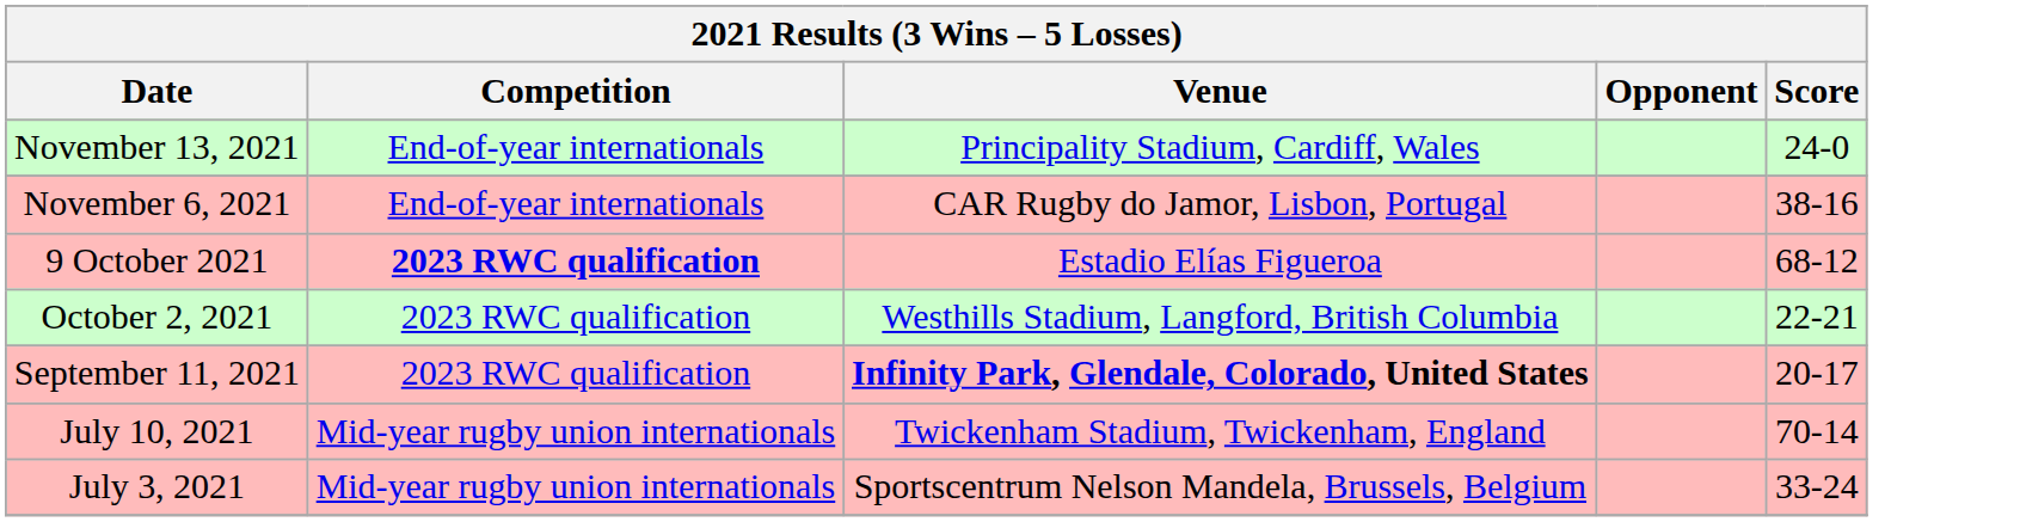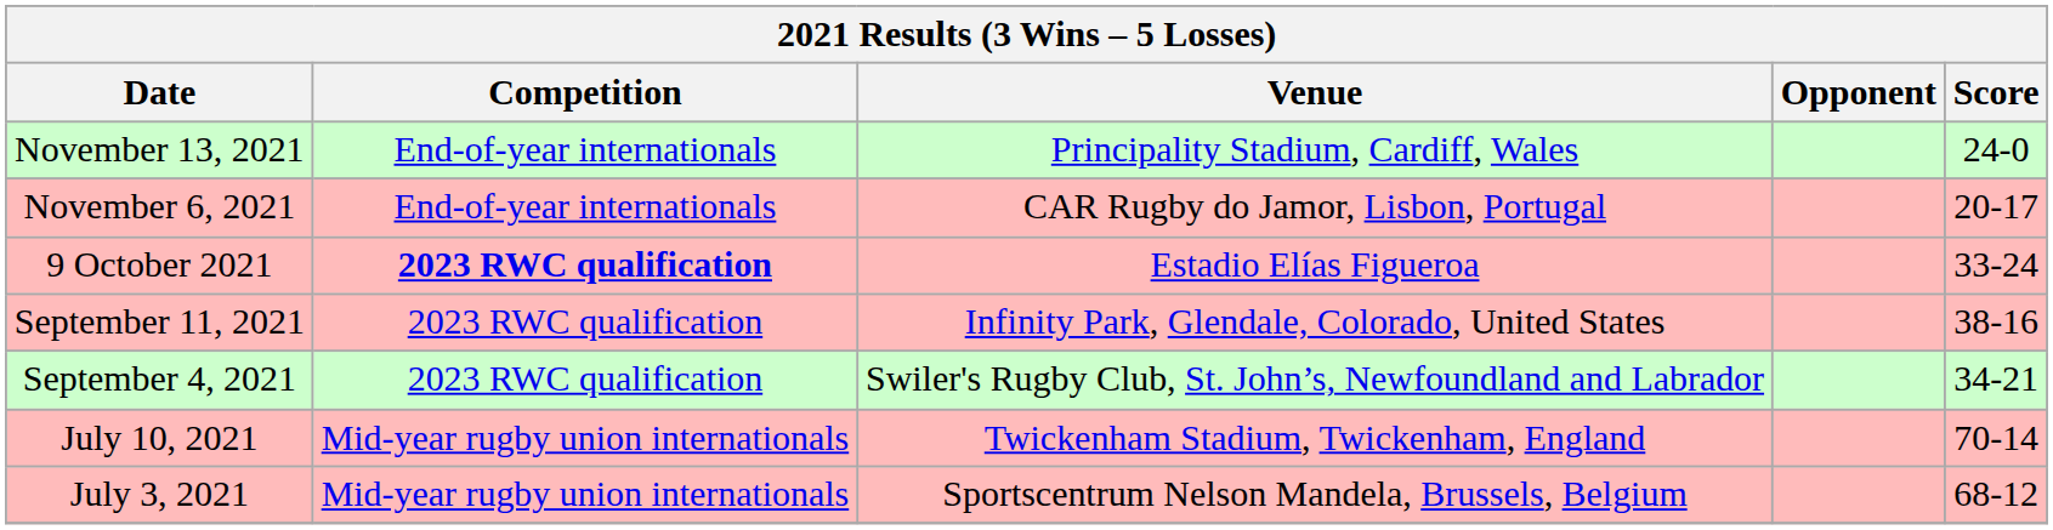 <table class="wikitable sortable">
 <tr>
 <th colspan="5"><strong>2021 Results (3 Wins – 5 Losses)</strong></th>
 </tr>
 <tr>
 <th>Date</th>
 <th>Competition</th>
 <th>Venue</th>
 <th>Opponent</th>
 <th>Score</th>
 </tr>
 <tr style="background:#cfc;">
 <td align=center>November 13, 2021</td>
 <td align=center><a href='#'>End-of-year internationals</a></td>
 <td align=center><a href='#'>Principality Stadium</a>, <a href='#'>Cardiff</a>, <a href='#'>Wales</a></td>
 <td align=center></td>
 <td align=center>24-0</td>
 </tr>
 <tr style="background:#fbb;">
 <td align=center>November 6, 2021</td>
 <td align=center><a href='#'>End-of-year internationals</a></td>
 <td align=center>CAR Rugby do Jamor, <a href='#'>Lisbon</a>, <a href='#'>Portugal</a></td>
 <td align=center></td>
-<td align=center>38-16</td>
+<td align=center>20-17</td>
 </tr>
 <tr style="background:#fbb;">
 <td align=center>9 October 2021</td>
 <td align=center><strong><a href='#'>2023 RWC qualification</a></strong></td>
 <td align=center><a href='#'>Estadio Elías Figueroa</a></td>
 <td align=center></td>
-<td align=center>68-12</td>
-</tr>
-<tr style="background:#cfc;">
-<td align=center>October 2, 2021</td>
-<td align=center><a href='#'>2023 RWC qualification</a></td>
-<td align=center><a href='#'>Westhills Stadium</a>, <a href='#'>Langford, British Columbia</a></td>
-<td align=center></td>
-<td align=center>22-21</td>
+<td align=center>33-24</td>
 </tr>
 <tr style="background:#fbb">
 <td align=center>September 11, 2021</td>
 <td align=center><a href='#'>2023 RWC qualification</a></td>
-<td align=center><strong><a href='#'>Infinity Park</a>, <a href='#'>Glendale, Colorado</a>, United States</strong></td>
+<td align=center><a href='#'>Infinity Park</a>, <a href='#'>Glendale, Colorado</a>, United States</td>
 <td align=center></td>
-<td align=center>20-17</td>
+<td align=center>38-16</td>
+</tr>
+<tr style="background:#cfc;">
+<td align=center>September 4, 2021</td>
+<td align=center><a href='#'>2023 RWC qualification</a></td>
+<td align=center>Swiler's Rugby Club, <a href='#'>St. John’s, Newfoundland and Labrador</a></td>
+<td align=center></td>
+<td align=center>34-21</td>
 </tr>
 <tr style="background:#fbb">
 <td align=center>July 10, 2021</td>
 <td align=center><a href='#'>Mid-year rugby union internationals</a></td>
 <td align=center><a href='#'>Twickenham Stadium</a>, <a href='#'>Twickenham</a>, <a href='#'>England</a></td>
 <td align=center></td>
 <td align=center>70-14</td>
 </tr>
 <tr style="background:#fbb">
 <td align=center>July 3, 2021</td>
 <td align=center><a href='#'>Mid-year rugby union internationals</a></td>
 <td align=center>Sportscentrum Nelson Mandela, <a href='#'>Brussels</a>, <a href='#'>Belgium</a></td>
 <td align=center></td>
-<td align=center>33-24</td>
+<td align=center>68-12</td>
 </tr>
 <tr style=>
 </tr>
 </table>
